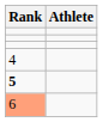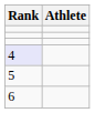 <table class="wikitable" style="text-align:left">
 <tr>
 <th>Rank</th>
 <th>Athlete</th>
 </tr>
 <tr>
 <td></td>
 <td align="left"></td>
 </tr>
 <tr>
 <td></td>
 <td align="left"></td>
 </tr>
 <tr>
 <td></td>
 <td align="left"></td>
 </tr>
 <tr>
-<td>4</td>
+<td style="background: lavender;">4</td>
 <td align="left"></td>
 </tr>
 <tr>
-<td><strong>5</strong></td>
+<td>5</td>
 <td align="left"></td>
 </tr>
 <tr>
-<td style="background: lightsalmon;">6</td>
+<td>6</td>
 <td align="left"></td>
 </tr>
 </table>
